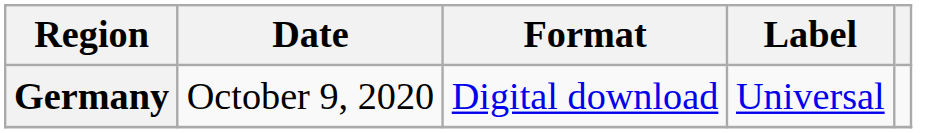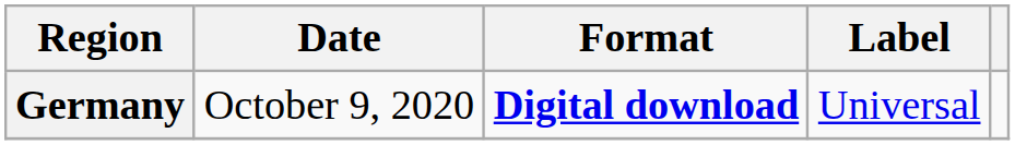 <table class="wikitable plainrowheaders">
 <tr>
 <th scope="col">Region</th>
 <th scope="col">Date</th>
 <th scope="col">Format</th>
 <th scope="col">Label</th>
 <th scope="col"></th>
 </tr>
 <tr>
 <th scope="row">Germany</th>
 <td>October 9, 2020</td>
-<td><a href='#'>Digital download</a></td>
+<td><strong><a href='#'>Digital download</a></strong></td>
 <td><a href='#'>Universal</a></td>
 <td align="center"></td>
 </tr>
 <tr>
 </tr>
 </table>
